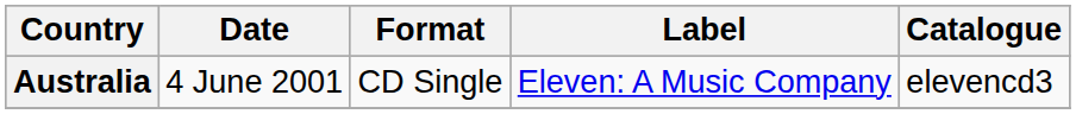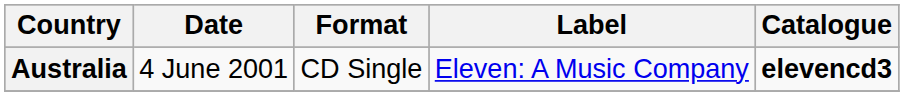 <table class="wikitable plainrowheaders">
 <tr>
 <th scope="col">Country</th>
 <th scope="col">Date</th>
 <th scope="col">Format</th>
 <th scope="col">Label</th>
 <th scope="col">Catalogue</th>
 </tr>
 <tr>
 <th scope="row">Australia</th>
 <td>4 June 2001</td>
 <td rowspan="1">CD Single</td>
 <td rowspan="1"><a href='#'>Eleven: A Music Company</a></td>
-<td>elevencd3</td>
+<td><strong>elevencd3</strong></td>
 </tr>
 <tr>
 </tr>
 </table>
